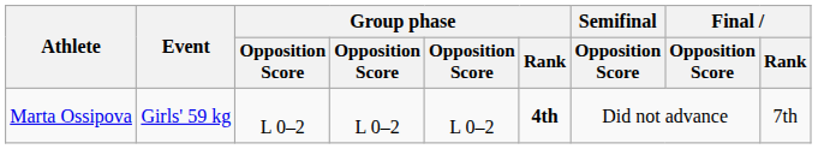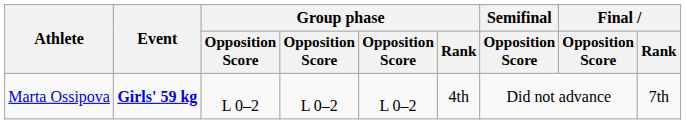 <table class="wikitable" style="font-size:90%">
 <tr>
 <th rowspan="2">Athlete</th>
 <th rowspan="2">Event</th>
 <th colspan="4">Group phase</th>
 <th>Semifinal</th>
 <th colspan=2>Final / </th>
 </tr>
 <tr style="font-size:95%">
 <th>Opposition <br> Score</th>
 <th>Opposition <br> Score</th>
 <th>Opposition <br> Score</th>
 <th>Rank</th>
 <th>Opposition <br> Score</th>
 <th>Opposition <br> Score</th>
 <th>Rank</th>
 </tr>
 <tr align=center>
 <td align=left><a href='#'>Marta Ossipova</a></td>
-<td align=left><a href='#'>Girls' 59 kg</a></td>
+<td align=left><strong><a href='#'>Girls' 59 kg</a></strong></td>
 <td><br>L 0–2</td>
 <td><br>L 0–2</td>
 <td><br>L 0–2</td>
-<td><strong>4th</strong></td>
+<td>4th</td>
 <td colspan=2>Did not advance</td>
 <td>7th</td>
 </tr>
 </table>
